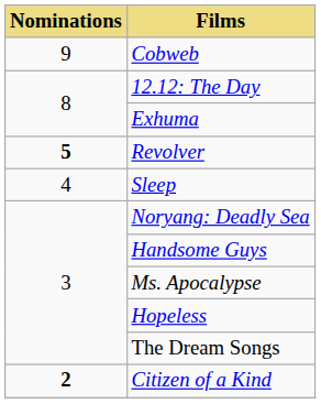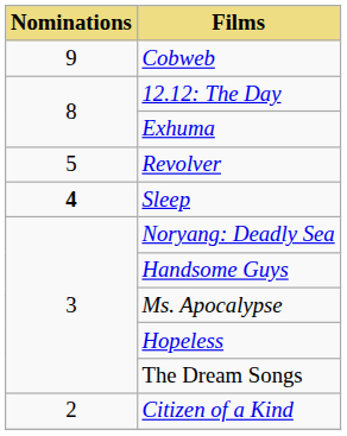 <table class="wikitable" align="center">
 <tr>
 <th style="background:#EEDD82;" align="center">Nominations</th>
 <th style="background:#EEDD82;" align="center">Films</th>
 </tr>
 <tr>
 <td style="text-align:center">9</td>
 <td><em><a href='#'>Cobweb</a></em></td>
 </tr>
 <tr>
 <td rowspan=2 style="text-align:center">8</td>
 <td><em><a href='#'>12.12: The Day</a></em></td>
 </tr>
 <tr>
 <td><em><a href='#'>Exhuma</a></em></td>
 </tr>
 <tr>
-<td style="text-align:center"><strong>5</strong></td>
+<td style="text-align:center">5</td>
 <td><em><a href='#'>Revolver</a></em></td>
 </tr>
 <tr>
-<td style="text-align:center">4</td>
+<td style="text-align:center"><strong>4</strong></td>
 <td><em><a href='#'>Sleep</a></em></td>
 </tr>
 <tr>
 <td rowspan=5 style="text-align:center">3</td>
 <td><em><a href='#'>Noryang: Deadly Sea</a></em></td>
 </tr>
 <tr>
 <td><em><a href='#'>Handsome Guys</a></em></td>
 </tr>
 <tr>
 <td><em>Ms. Apocalypse</em></td>
 </tr>
 <tr>
 <td><em><a href='#'>Hopeless</a></em></td>
 </tr>
 <tr>
 <td>The Dream Songs</td>
 </tr>
 <tr>
-<td style="text-align:center"><strong>2</strong></td>
+<td style="text-align:center">2</td>
 <td><em><a href='#'>Citizen of a Kind</a></em></td>
 </tr>
 <tr>
 </tr>
 </table>
